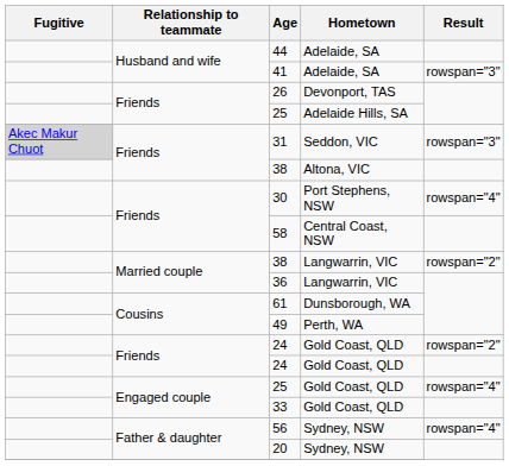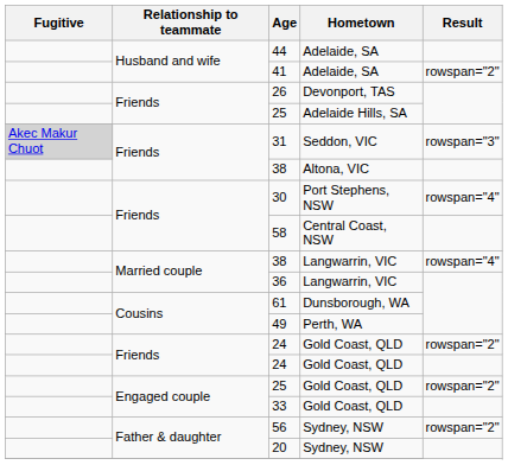 <table class="wikitable sortable">
 <tr>
 <th>Fugitive</th>
 <th>Relationship to teammate</th>
 <th>Age</th>
 <th>Hometown</th>
 <th>Result</th>
 </tr>
 <tr>
 <td></td>
 <td rowspan="2">Husband and wife</td>
 <td>44</td>
 <td>Adelaide, SA</td>
 <td></td>
 </tr>
 <tr>
 <td></td>
 <td>41</td>
 <td>Adelaide, SA</td>
-<td>rowspan="3" </td>
+<td>rowspan="2" </td>
 </tr>
 <tr>
 <td></td>
 <td rowspan="2">Friends</td>
 <td>26</td>
 <td>Devonport, TAS</td>
 </tr>
 <tr>
 <td></td>
 <td>25</td>
 <td>Adelaide Hills, SA</td>
 </tr>
 <tr>
 <td style="background: lightgrey;"><a href='#'>Akec Makur Chuot</a></td>
 <td rowspan="2">Friends</td>
 <td>31</td>
 <td>Seddon, VIC</td>
 <td>rowspan="3" </td>
 </tr>
 <tr>
 <td></td>
 <td>38</td>
 <td>Altona, VIC</td>
 </tr>
 <tr>
 <td></td>
 <td rowspan="2">Friends</td>
 <td>30</td>
 <td>Port Stephens, NSW</td>
 <td>rowspan="4" </td>
 </tr>
 <tr>
 <td></td>
 <td>58</td>
 <td>Central Coast, NSW</td>
 </tr>
 <tr>
 <td></td>
 <td rowspan="2">Married couple</td>
 <td>38</td>
 <td>Langwarrin, VIC</td>
-<td>rowspan="2" </td>
+<td>rowspan="4" </td>
 </tr>
 <tr>
 <td></td>
 <td>36</td>
 <td>Langwarrin, VIC</td>
 </tr>
 <tr>
 <td></td>
 <td rowspan="2">Cousins</td>
 <td>61</td>
 <td>Dunsborough, WA</td>
 </tr>
 <tr>
 <td></td>
 <td>49</td>
 <td>Perth, WA</td>
 </tr>
 <tr>
 <td></td>
 <td rowspan="2">Friends</td>
 <td>24</td>
 <td>Gold Coast, QLD</td>
 <td>rowspan="2" </td>
 </tr>
 <tr>
 <td></td>
 <td>24</td>
 <td>Gold Coast, QLD</td>
 </tr>
 <tr>
 <td></td>
 <td rowspan="2">Engaged couple</td>
 <td>25</td>
 <td>Gold Coast, QLD</td>
-<td>rowspan="4" </td>
+<td>rowspan="2" </td>
 </tr>
 <tr>
 <td></td>
 <td>33</td>
 <td>Gold Coast, QLD</td>
 </tr>
 <tr>
 <td></td>
 <td rowspan="2">Father & daughter</td>
 <td>56</td>
 <td>Sydney, NSW</td>
-<td>rowspan="4" </td>
+<td>rowspan="2" </td>
 </tr>
 <tr>
 <td></td>
 <td>20</td>
 <td>Sydney, NSW</td>
 </tr>
 <tr>
 </tr>
 </table>
